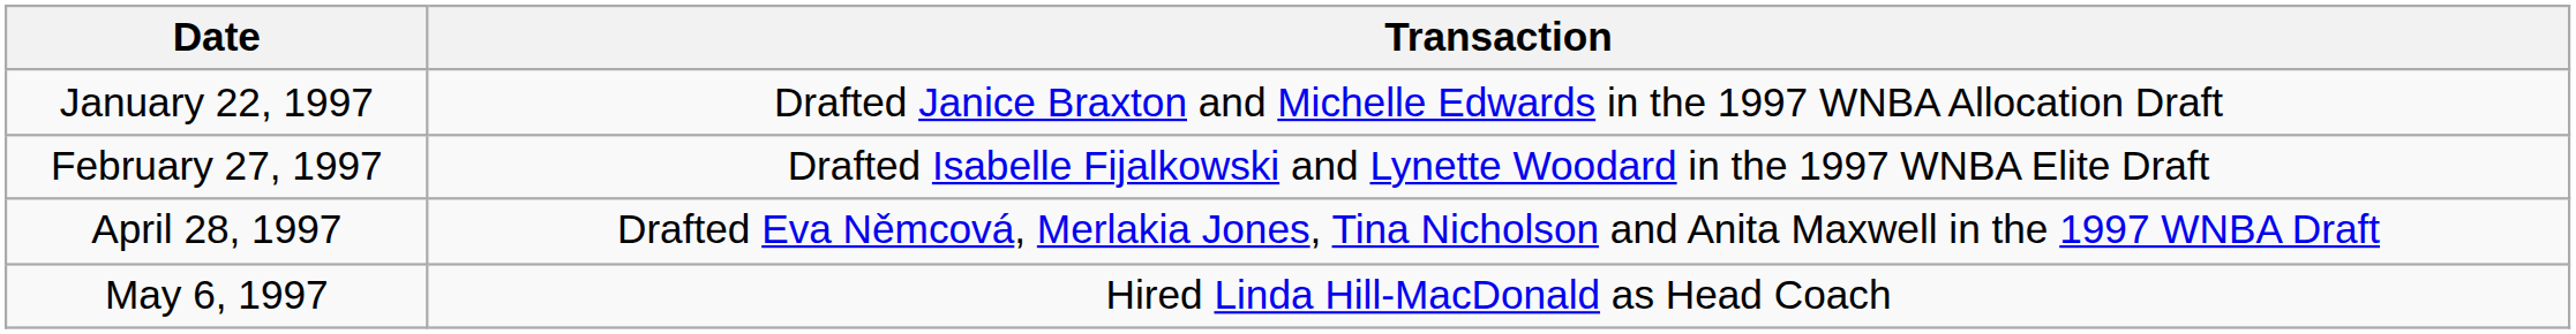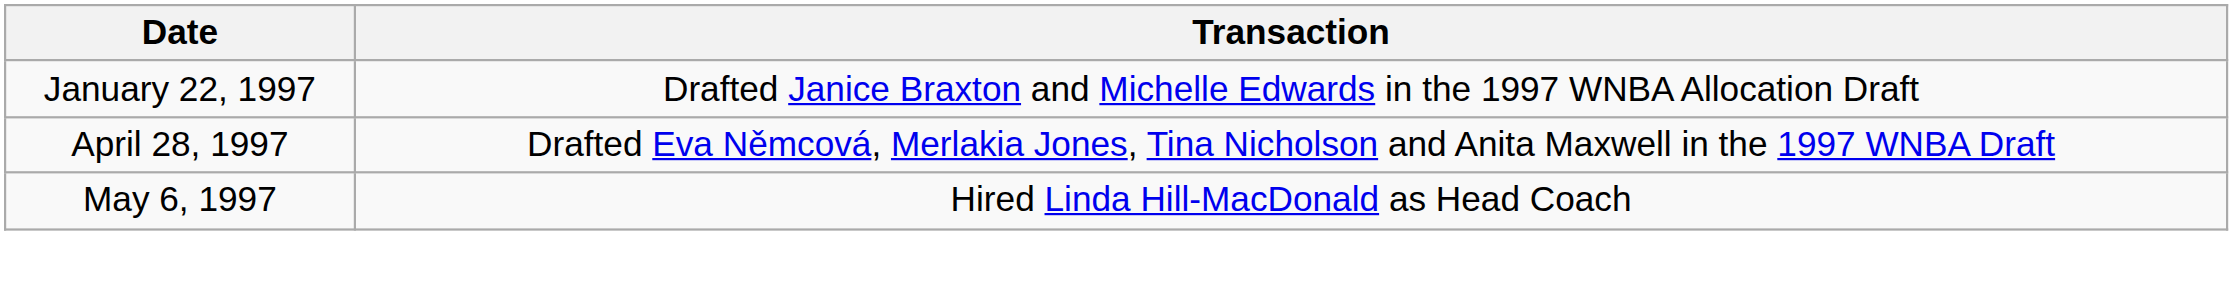 <table class="wikitable" style="width:80%; text-align: center;">
 <tr>
 <th>Date</th>
 <th>Transaction</th>
 </tr>
 <tr>
 <td>January 22, 1997</td>
 <td>Drafted <a href='#'>Janice Braxton</a> and <a href='#'>Michelle Edwards</a> in the 1997 WNBA Allocation Draft</td>
 </tr>
 <tr>
-<td>February 27, 1997</td>
-<td>Drafted <a href='#'>Isabelle Fijalkowski</a> and <a href='#'>Lynette Woodard</a> in the 1997 WNBA Elite Draft</td>
-</tr>
-<tr>
 <td>April 28, 1997</td>
 <td>Drafted <a href='#'>Eva Němcová</a>, <a href='#'>Merlakia Jones</a>, <a href='#'>Tina Nicholson</a> and Anita Maxwell in the <a href='#'>1997 WNBA Draft</a></td>
 </tr>
 <tr>
 <td>May 6, 1997</td>
 <td>Hired <a href='#'>Linda Hill-MacDonald</a> as Head Coach</td>
 </tr>
 </table>
